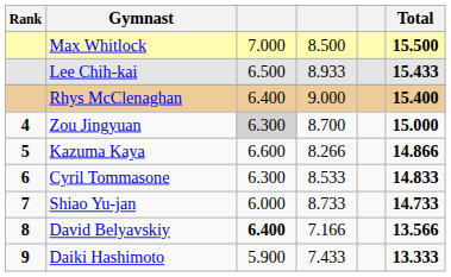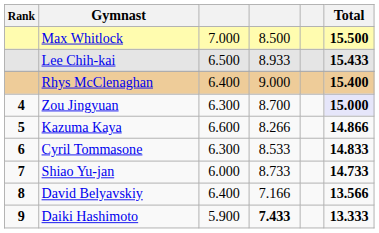 <table style="text-align:center;" class="wikitable sortable">
 <tr>
 <th scope="col" style="width:15px;"><small>Rank</small></th>
 <th scope="col" style="width:175px;">Gymnast</th>
 <th scope="col" style="width:50px;"><small></small></th>
 <th scope="col" style="width:50px;"><small></small></th>
 <th scope="col" style="width:20px;"><small></small></th>
 <th scope="col" style="width:50px;">Total</th>
 </tr>
 <tr style="background:#fffcaf;">
 <td scope="row" style="text-align:center"><strong></strong></td>
 <td style="text-align:left;"> <a href='#'>Max Whitlock</a></td>
 <td>7.000</td>
 <td>8.500</td>
 <td></td>
 <td><strong>15.500</strong></td>
 </tr>
 <tr style="background:#e5e5e5;">
 <td scope="row" style="text-align:center"><strong></strong></td>
 <td style="text-align:left;"> <a href='#'>Lee Chih-kai</a></td>
 <td>6.500</td>
 <td>8.933</td>
 <td></td>
 <td><strong>15.433</strong></td>
 </tr>
 <tr>
 </tr>
 <tr style="background:#ec9;">
 <td scope="row" style="text-align:center"><strong></strong></td>
 <td style="text-align:left;"> <a href='#'>Rhys McClenaghan</a></td>
 <td>6.400</td>
 <td>9.000</td>
 <td></td>
 <td><strong>15.400</strong></td>
 </tr>
 <tr>
 <td scope="row" style="text-align:center"><strong>4</strong></td>
 <td style="text-align:left;"> <a href='#'>Zou Jingyuan</a></td>
-<td style="background: lightgrey;">6.300</td>
+<td>6.300</td>
 <td>8.700</td>
 <td></td>
-<td><strong>15.000</strong></td>
+<td style="background: lavender;"><strong>15.000</strong></td>
 </tr>
 <tr>
 <td scope="row" style="text-align:center"><strong>5</strong></td>
 <td style="text-align:left;"> <a href='#'>Kazuma Kaya</a></td>
 <td>6.600</td>
 <td>8.266</td>
 <td></td>
 <td><strong>14.866</strong></td>
 </tr>
 <tr>
 <td scope="row" style="text-align:center"><strong>6</strong></td>
 <td style="text-align:left;"> <a href='#'>Cyril Tommasone</a></td>
 <td>6.300</td>
 <td>8.533</td>
 <td></td>
 <td><strong>14.833</strong></td>
 </tr>
 <tr>
 <td scope="row" style="text-align:center"><strong>7</strong></td>
 <td style="text-align:left;"> <a href='#'>Shiao Yu-jan</a></td>
 <td>6.000</td>
 <td>8.733</td>
 <td></td>
 <td><strong>14.733</strong></td>
 </tr>
 <tr>
 <td scope="row" style="text-align:center"><strong>8</strong></td>
 <td style="text-align:left;"> <a href='#'>David Belyavskiy</a></td>
-<td><strong>6.400</strong></td>
+<td>6.400</td>
 <td>7.166</td>
 <td></td>
 <td><strong>13.566</strong></td>
 </tr>
 <tr>
 <td scope="row" style="text-align:center"><strong>9</strong></td>
 <td style="text-align:left;"> <a href='#'>Daiki Hashimoto</a></td>
 <td>5.900</td>
-<td>7.433</td>
+<td><strong>7.433</strong></td>
 <td></td>
 <td><strong>13.333</strong></td>
 </tr>
 </table>
